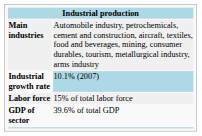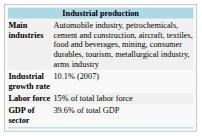 <table style="width:25%; toc:25em; font-size:85%; text-align:left;" class="infobox">
 <tr>
 <th style="text-align:center; background:lightblue;" colspan="3">Industrial production</th>
 </tr>
 <tr>
 <th style="text-align:left; background:#f0f0f0; vertical-align:top;">Main industries</th>
 <td style="background:#f0f0f0; vertical-align:top;">Automobile industry, petrochemicals, cement and construction, aircraft, textiles, food and beverages, mining, consumer durables, tourism, metallurgical industry, arms industry</td>
 </tr>
 <tr>
 <th style="text-align:left; vertical-align:top;">Industrial growth rate</th>
-<td valign="top" style="background: lightblue;">10.1% (2007)</td>
+<td valign="top">10.1% (2007)</td>
 </tr>
 <tr>
 <th style="text-align:left; background:#f0f0f0; vertical-align:top;">Labor force</th>
 <td style="background:#f0f0f0; vertical-align:top;">15% of total labor force</td>
 </tr>
 <tr>
 <th style="text-align:left; vertical-align:top;">GDP of sector</th>
 <td valign="top">39.6% of total GDP</td>
 </tr>
 <tr>
 <td style="text-align:center; background:lightblue;" colspan="2"></td>
 </tr>
 </table>
